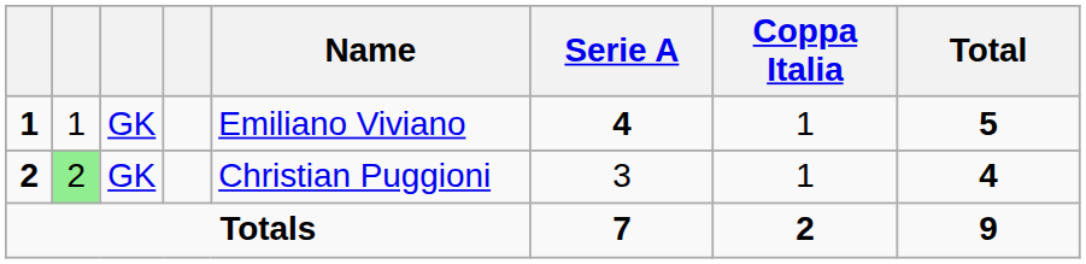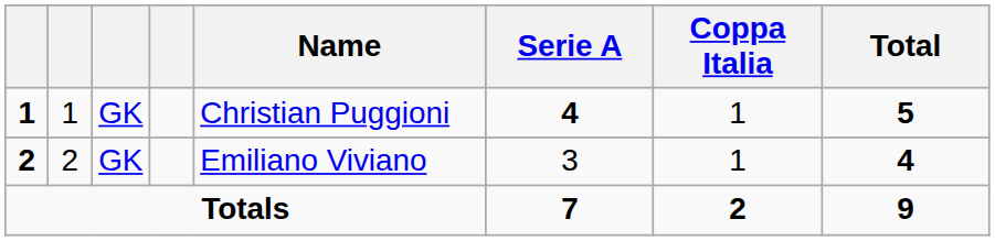 <table class="wikitable" style="text-align:center">
 <tr>
 <th width=15></th>
 <th width=15></th>
 <th width=15></th>
 <th width=15></th>
 <th width=145>Name</th>
 <th width=80><a href='#'>Serie A</a></th>
 <th width=80><a href='#'>Coppa Italia</a></th>
 <th width=80>Total</th>
 </tr>
 <tr>
 <td><strong>1</strong></td>
 <td>1</td>
 <td><a href='#'>GK</a></td>
 <td></td>
-<td align=left><a href='#'>Emiliano Viviano</a></td>
+<td align=left><a href='#'>Christian Puggioni</a></td>
 <td><strong>4</strong></td>
 <td>1</td>
 <td><strong>5</strong></td>
 </tr>
 <tr>
 <td><strong>2</strong></td>
-<td style="background: lightgreen;">2</td>
+<td>2</td>
 <td><a href='#'>GK</a></td>
 <td></td>
-<td align=left><a href='#'>Christian Puggioni</a></td>
+<td align=left><a href='#'>Emiliano Viviano</a></td>
 <td>3</td>
 <td>1</td>
 <td><strong>4</strong></td>
 </tr>
 <tr>
 <td colspan=5><strong>Totals</strong></td>
 <td><strong>7</strong></td>
 <td><strong>2</strong></td>
 <td><strong>9</strong></td>
 </tr>
 </table>
